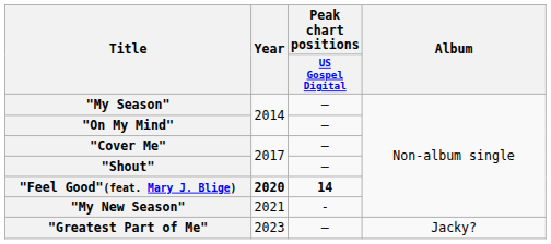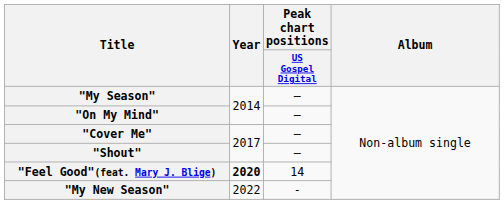 <table class="wikitable plainrowheaders" style="text-align:center;" border="1">
 <tr>
 <th scope="col" rowspan="2" style="width:19em;">Title</th>
 <th scope="col" rowspan="2" style="width:2em;">Year</th>
 <th scope="col" colspan="1">Peak chart positions</th>
 <th scope="col" rowspan="2" style="width:14em;">Album</th>
 </tr>
 <tr>
 <th scope="col" style="width:3em;font-size:80%;"><a href='#'>US<br>Gospel Digital</a></th>
 </tr>
 <tr>
 <th scope="row">"My Season"</th>
 <td rowspan="2">2014</td>
 <td>—</td>
 <td rowspan="6">Non-album single</td>
 </tr>
 <tr>
 <th scope="row">"On My Mind"</th>
 <td>—</td>
 </tr>
 <tr>
 <th scope="row">"Cover Me"</th>
 <td rowspan="2">2017</td>
 <td>—</td>
 </tr>
 <tr>
 <th scope="row">"Shout"</th>
 <td>—</td>
 </tr>
 <tr>
 <th scope="row">"Feel Good"<small>(feat. <a href='#'>Mary J. Blige</a>)</small></th>
 <td><strong>2020</strong></td>
-<td><strong>14</strong></td>
+<td>14</td>
 </tr>
 <tr>
 <th scope="row">"My New Season"</th>
-<td rowspan="1">2021</td>
+<td rowspan="1">2022</td>
 <td>-</td>
 </tr>
-<tr>
-<th scope="row">"Greatest Part of Me"</th>
-<td rowspan="1">2023</td>
-<td>—</td>
-<td>Jacky?</td>
-</tr>
 </table>
